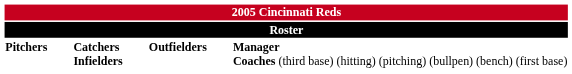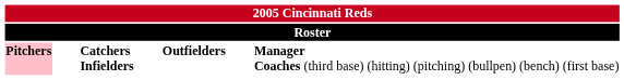 <table class="toccolours" style="font-size: 95%;">
 <tr>
 <th colspan="10" style="background:#c6011f; color:white; text-align:center;">2005 Cincinnati Reds</th>
 </tr>
 <tr>
 <td colspan="10" style="background:black; color:white; text-align:center;"><strong>Roster</strong></td>
 </tr>
 <tr>
-<td valign="top"><strong>Pitchers</strong><br>                     </td>
+<td valign="top" style="background: pink;"><strong>Pitchers</strong><br>                     </td>
 <td style="width:25px;"></td>
 <td valign="top"><strong>Catchers</strong><br>    <strong>Infielders</strong>            </td>
 <td style="width:25px;"></td>
 <td valign="top"><strong>Outfielders</strong><br>       </td>
 <td style="width:25px;"></td>
 <td valign="top"><strong>Manager</strong><br>  <strong>Coaches</strong>  (third base)  (hitting)  (pitching)  (bullpen)  (bench)  (first base)</td>
 </tr>
 </table>
